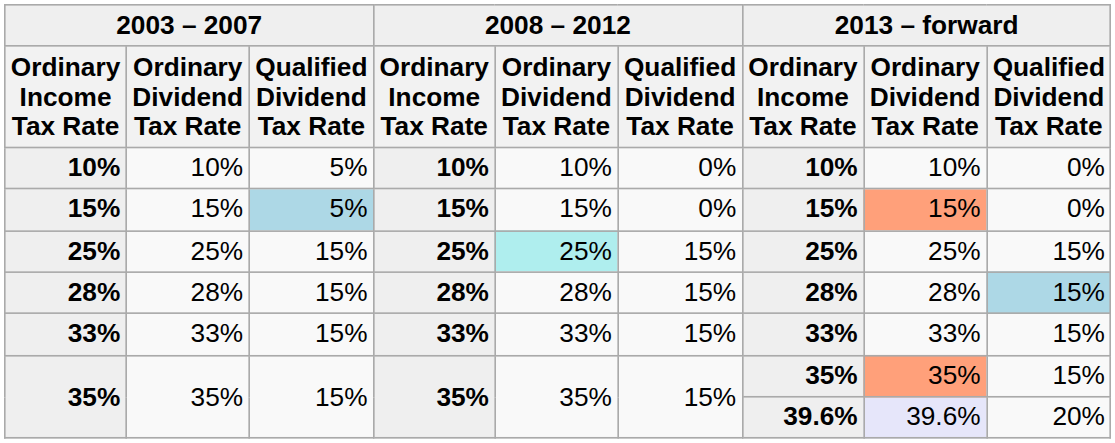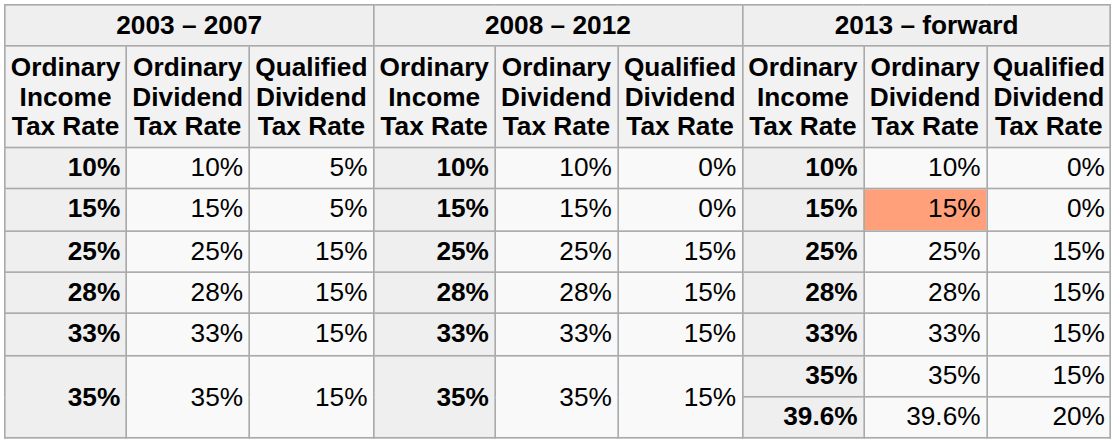 <table class=wikitable style="text-align:right">
 <tr>
 <th colspan="3" style="background:#efefef;">2003 – 2007</th>
 <th colspan="3" style="background:#efefef;">2008 – 2012</th>
 <th colspan="3" style="background:#efefef;">2013 – forward</th>
 </tr>
 <tr>
 <th width=75>Ordinary Income Tax Rate</th>
 <th width=100>Ordinary Dividend<br>Tax Rate</th>
 <th width=100>Qualified Dividend<br>Tax Rate</th>
 <th width=75>Ordinary Income Tax Rate</th>
 <th width=100>Ordinary Dividend<br>Tax Rate</th>
 <th width=100>Qualified Dividend<br>Tax Rate</th>
 <th width=75>Ordinary Income Tax Rate</th>
 <th width=100>Ordinary Dividend<br>Tax Rate</th>
 <th width=100>Qualified Dividend<br>Tax Rate</th>
 </tr>
 <tr>
 <td style="background:#efefef;"><strong>10%</strong></td>
 <td>10%</td>
 <td>5%</td>
 <td style="background:#efefef;"><strong>10%</strong></td>
 <td>10%</td>
 <td>0%</td>
 <td style="background:#efefef;"><strong>10%</strong></td>
 <td>10%</td>
 <td>0%</td>
 </tr>
 <tr>
 <td style="background:#efefef;"><strong>15%</strong></td>
 <td>15%</td>
-<td style="background: lightblue;">5%</td>
+<td>5%</td>
 <td style="background:#efefef;"><strong>15%</strong></td>
 <td>15%</td>
 <td>0%</td>
 <td style="background:#efefef;"><strong>15%</strong></td>
 <td style="background: lightsalmon;">15%</td>
 <td>0%</td>
 </tr>
 <tr>
 <td style="background:#efefef;"><strong>25%</strong></td>
 <td>25%</td>
 <td>15%</td>
 <td style="background:#efefef;"><strong>25%</strong></td>
-<td style="background: paleturquoise;">25%</td>
+<td>25%</td>
 <td>15%</td>
 <td style="background:#efefef;"><strong>25%</strong></td>
 <td>25%</td>
 <td>15%</td>
 </tr>
 <tr>
 <td style="background:#efefef;"><strong>28%</strong></td>
 <td>28%</td>
 <td>15%</td>
 <td style="background:#efefef;"><strong>28%</strong></td>
 <td>28%</td>
 <td>15%</td>
 <td style="background:#efefef;"><strong>28%</strong></td>
 <td>28%</td>
-<td style="background: lightblue;">15%</td>
+<td>15%</td>
 </tr>
 <tr>
 <td style="background:#efefef;"><strong>33%</strong></td>
 <td>33%</td>
 <td>15%</td>
 <td style="background:#efefef;"><strong>33%</strong></td>
 <td>33%</td>
 <td>15%</td>
 <td style="background:#efefef;"><strong>33%</strong></td>
 <td>33%</td>
 <td>15%</td>
 </tr>
 <tr>
 <td style="background:#efefef;" rowspan="2"><strong>35%</strong></td>
 <td rowspan="2">35%</td>
 <td rowspan="2">15%</td>
 <td style="background:#efefef;" rowspan="2"><strong>35%</strong></td>
 <td rowspan="2">35%</td>
 <td rowspan="2">15%</td>
 <td style="background:#efefef;"><strong>35%</strong></td>
-<td style="background: lightsalmon;">35%</td>
+<td>35%</td>
 <td>15%</td>
 </tr>
 <tr>
 <td style="background:#efefef;"><strong>39.6%</strong></td>
-<td style="background: lavender;">39.6%</td>
+<td>39.6%</td>
 <td>20%</td>
 </tr>
 </table>
